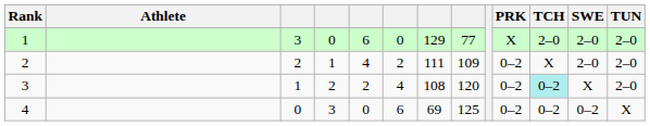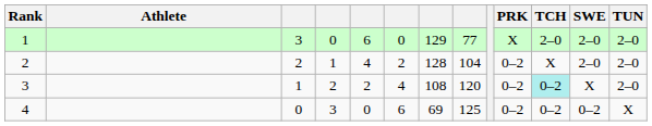 <table class="wikitable" style="text-align:center">
 <tr>
 <th>Rank</th>
 <th width=250>Athlete</th>
 <th width=30></th>
 <th width=30></th>
 <th width=30></th>
 <th width=30></th>
 <th width=30></th>
 <th width=30></th>
 <th rowspan=5></th>
 <th width=30>PRK</th>
 <th width=30>TCH</th>
 <th width=30>SWE</th>
 <th width=30>TUN</th>
 </tr>
 <tr style="background-color:#ccffcc;">
 <td>1</td>
 <td align=left></td>
 <td>3</td>
 <td>0</td>
 <td>6</td>
 <td>0</td>
 <td>129</td>
 <td>77</td>
 <td>X</td>
 <td>2–0</td>
 <td>2–0</td>
 <td>2–0</td>
 </tr>
 <tr>
 <td>2</td>
 <td align=left></td>
 <td>2</td>
 <td>1</td>
 <td>4</td>
 <td>2</td>
-<td>111</td>
-<td>109</td>
+<td>128</td>
+<td>104</td>
 <td>0–2</td>
 <td>X</td>
 <td>2–0</td>
 <td>2–0</td>
 </tr>
 <tr>
 <td>3</td>
 <td align=left></td>
 <td>1</td>
 <td>2</td>
 <td>2</td>
 <td>4</td>
 <td>108</td>
 <td>120</td>
 <td>0–2</td>
 <td style="background: paleturquoise;">0–2</td>
 <td>X</td>
 <td>2–0</td>
 </tr>
 <tr>
 <td>4</td>
 <td align=left></td>
 <td>0</td>
 <td>3</td>
 <td>0</td>
 <td>6</td>
 <td>69</td>
 <td>125</td>
 <td>0–2</td>
 <td>0–2</td>
 <td>0–2</td>
 <td>X</td>
 </tr>
 </table>
